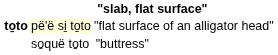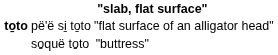 <table>
 <tr>
 <th rowspan="3">to̱to</th>
 <th colspan="4">"slab, flat surface"</th>
 </tr>
 <tr>
-<td style="background: lightyellow;">pë'ë si̱ to̱to</td>
+<td>pë'ë si̱ to̱to</td>
 <td colspan="3">"flat surface of an alligator head"</td>
 </tr>
 <tr>
 <td colspan="2">so̱quë to̱to</td>
 <td colspan="2">"buttress"</td>
 </tr>
 </table>
